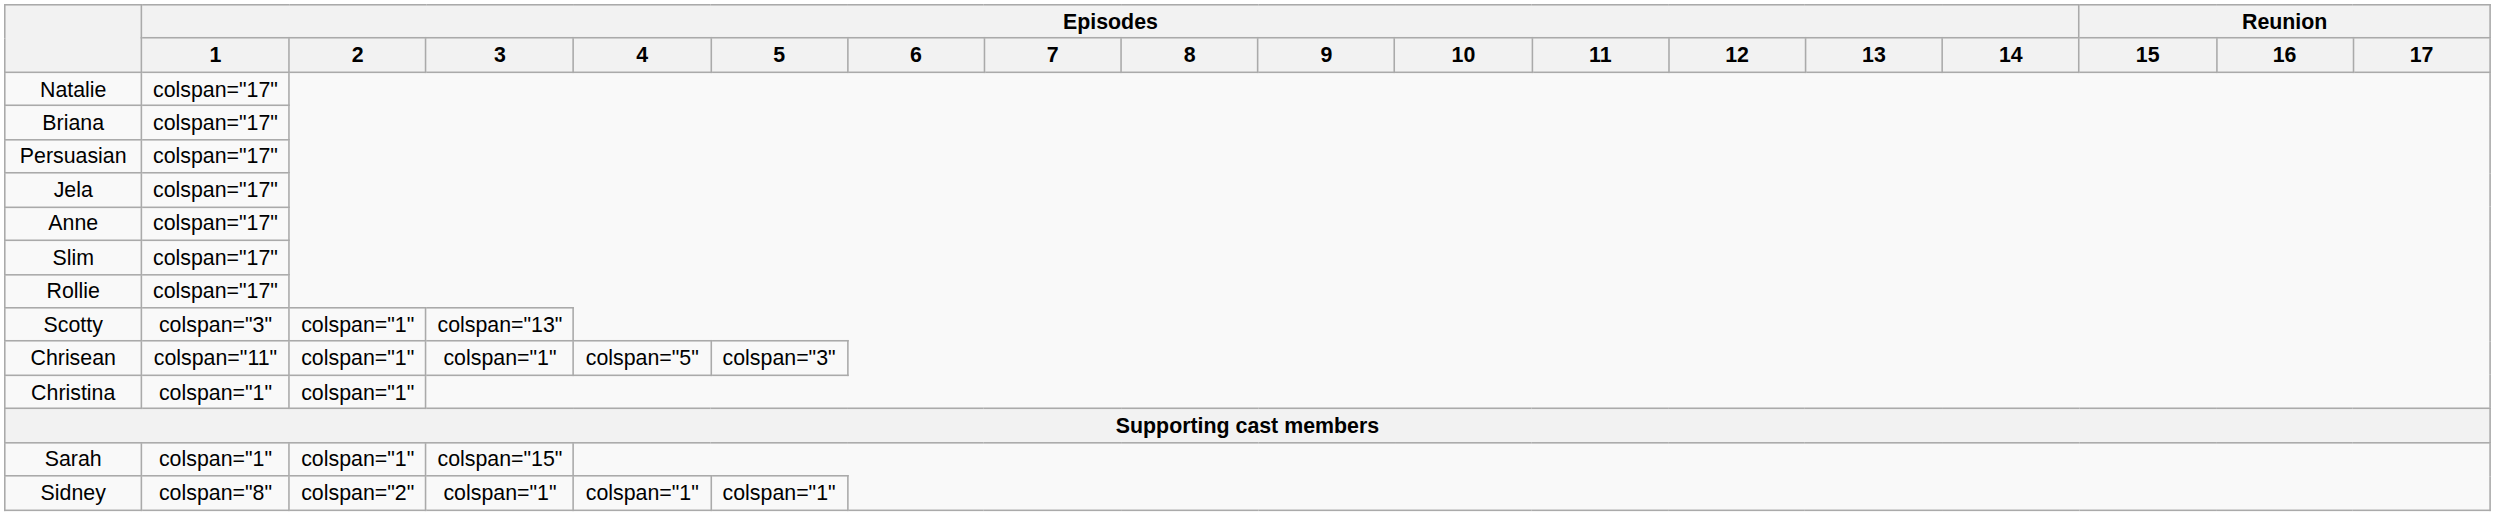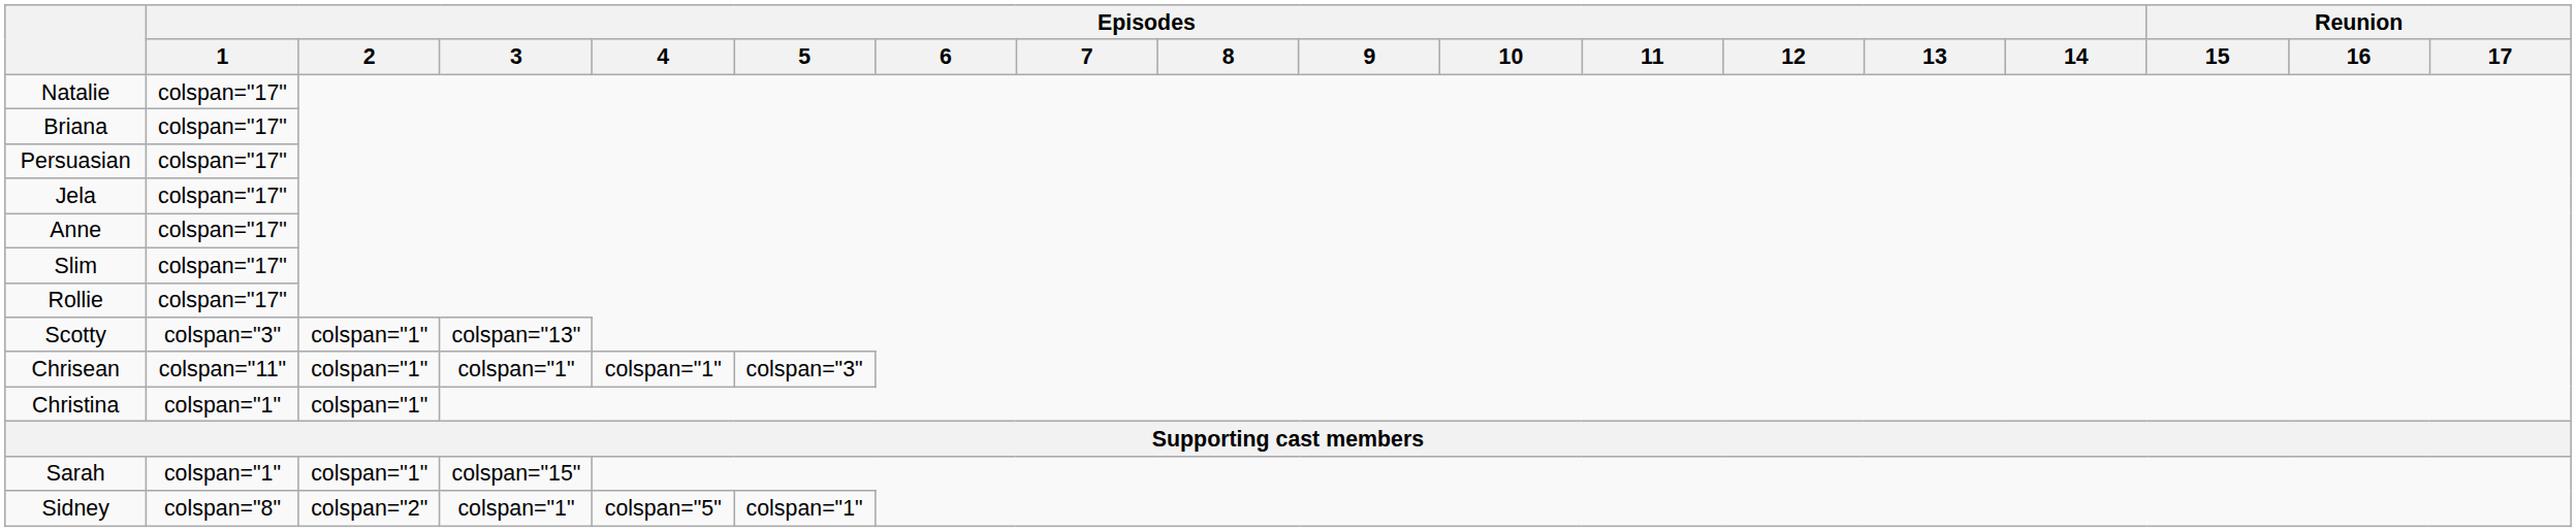 <table class="wikitable plainrowheaders" style="text-align:center; font-size:85%; width:100%">
 <tr>
 <th scope="col" rowspan="2" style="width:5%;"></th>
 <th scope="col" colspan="14">Episodes</th>
 <th scope="col" colspan="3">Reunion</th>
 </tr>
 <tr>
 <th style="width:5%;">1</th>
 <th style="width:5%;">2</th>
 <th style="width:5%;">3</th>
 <th style="width:5%;">4</th>
 <th style="width:5%;">5</th>
 <th style="width:5%;">6</th>
 <th style="width:5%;">7</th>
 <th style="width:5%;">8</th>
 <th style="width:5%;">9</th>
 <th style="width:5%;">10</th>
 <th style="width:5%;">11</th>
 <th style="width:5%;">12</th>
 <th style="width:5%;">13</th>
 <th style="width:5%;">14</th>
 <th style="width:5%;">15</th>
 <th style="width:5%;">16</th>
 <th style="width:5%;">17</th>
 </tr>
 <tr>
 <td scope="row">Natalie</td>
 <td>colspan="17" </td>
 </tr>
 <tr>
 <td scope="row">Briana</td>
 <td>colspan="17" </td>
 </tr>
 <tr>
 <td scope="row">Persuasian</td>
 <td>colspan="17" </td>
 </tr>
 <tr>
 <td scope="row">Jela</td>
 <td>colspan="17" </td>
 </tr>
 <tr>
 <td scope="row">Anne</td>
 <td>colspan="17" </td>
 </tr>
 <tr>
 <td scope="row">Slim</td>
 <td>colspan="17" </td>
 </tr>
 <tr>
 <td scope="row">Rollie</td>
 <td>colspan="17" </td>
 </tr>
 <tr>
 <td scope="row">Scotty</td>
 <td>colspan="3" </td>
 <td>colspan="1" </td>
 <td>colspan="13" </td>
 </tr>
 <tr>
 <td scope="row">Chrisean</td>
 <td>colspan="11" </td>
 <td>colspan="1" </td>
 <td>colspan="1" </td>
-<td>colspan="5" </td>
+<td>colspan="1" </td>
 <td>colspan="3" </td>
 </tr>
 <tr>
 <td scope="row">Christina</td>
 <td>colspan="1" </td>
 <td>colspan="1" </td>
 </tr>
 <tr>
 <th colspan="18">Supporting cast members</th>
 </tr>
 <tr>
 <td scope="row">Sarah</td>
 <td>colspan="1" </td>
 <td>colspan="1" </td>
 <td>colspan="15" </td>
 </tr>
 <tr>
 <td scope="row">Sidney</td>
 <td>colspan="8" </td>
 <td>colspan="2" </td>
 <td>colspan="1" </td>
-<td>colspan="1" </td>
+<td>colspan="5" </td>
 <td>colspan="1" </td>
 </tr>
 </table>
